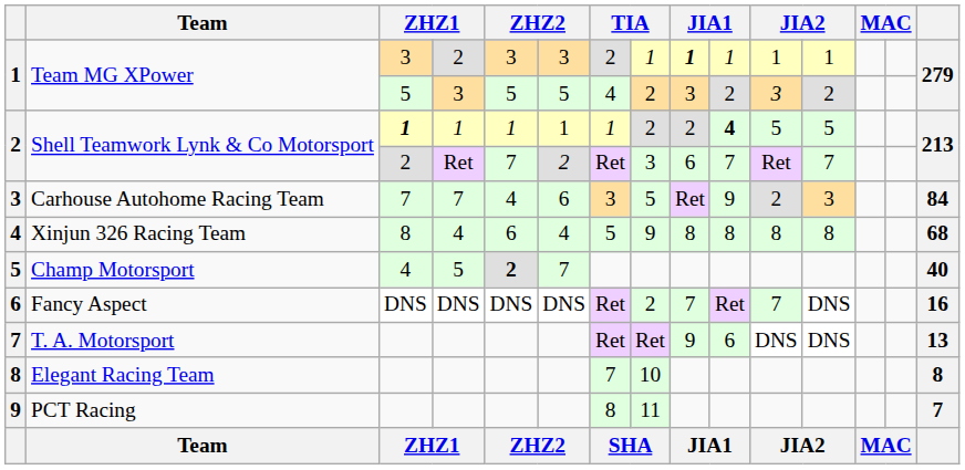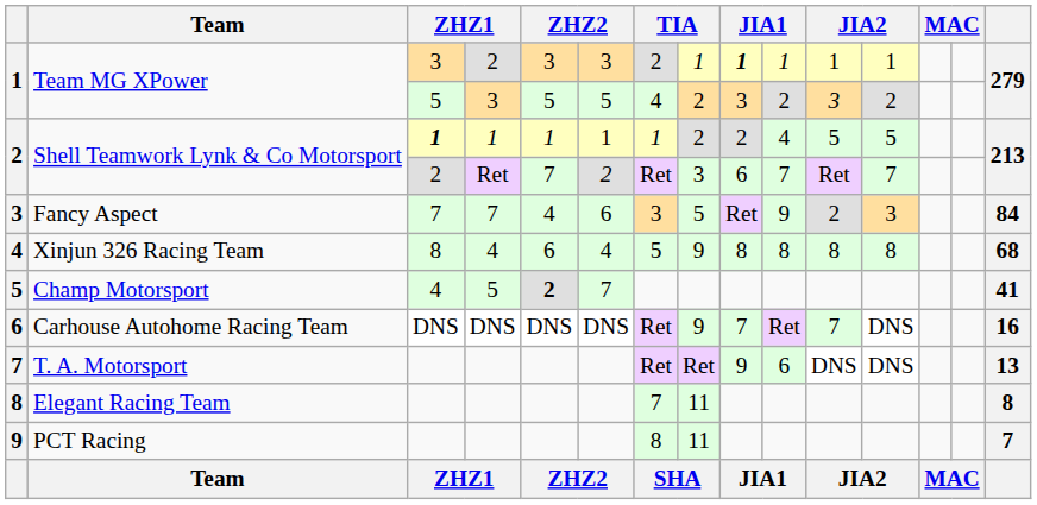 <table align=left| class="wikitable" style="font-size: 85%; text-align: center">
 <tr valign="top">
 <th valign=middle></th>
 <th valign=middle>Team</th>
 <th colspan=2><a href='#'>ZHZ1</a><br></th>
 <th colspan=2><a href='#'>ZHZ2</a><br></th>
 <th colspan=2><a href='#'>TIA</a><br></th>
 <th colspan=2><a href='#'>JIA1</a><br></th>
 <th colspan=2><a href='#'>JIA2</a><br></th>
 <th colspan=2><a href='#'>MAC</a><br></th>
 <th valign=middle> </th>
 </tr>
 <tr>
 <th rowspan="2">1</th>
 <td align="left" rowspan="2"> <a href='#'>Team MG XPower</a></td>
 <td style="background:#ffdf9f;">3</td>
 <td style="background:#dfdfdf;">2</td>
 <td style="background:#ffdf9f;">3</td>
 <td style="background:#ffdf9f;">3</td>
 <td style="background:#dfdfdf;">2</td>
 <td style="background:#ffffbf;"><em>1</em></td>
 <td style="background:#ffffbf;"><strong><em>1</em></strong></td>
 <td style="background:#ffffbf;"><em>1</em></td>
 <td style="background:#ffffbf;">1</td>
 <td style="background:#ffffbf;">1</td>
 <td></td>
 <td></td>
 <th rowspan="2">279</th>
 </tr>
 <tr>
 <td style="background:#dfffdf;">5</td>
 <td style="background:#ffdf9f;">3</td>
 <td style="background:#dfffdf;">5</td>
 <td style="background:#dfffdf;">5</td>
 <td style="background:#dfffdf;">4</td>
 <td style="background:#ffdf9f;">2</td>
 <td style="background:#ffdf9f;">3</td>
 <td style="background:#dfdfdf;">2</td>
 <td style="background:#ffdf9f;"><em>3</em></td>
 <td style="background:#dfdfdf;">2</td>
 <td></td>
 <td></td>
 </tr>
 <tr>
 <th rowspan="2">2</th>
 <td align="left" rowspan="2"> <a href='#'>Shell Teamwork Lynk & Co Motorsport</a></td>
 <td style="background:#ffffbf;"><strong><em>1</em></strong></td>
 <td style="background:#ffffbf;"><em>1</em></td>
 <td style="background:#ffffbf;"><em>1</em></td>
 <td style="background:#ffffbf;">1</td>
 <td style="background:#ffffbf;"><em>1</em></td>
 <td style="background:#dfdfdf;">2</td>
 <td style="background:#dfdfdf;">2</td>
-<td style="background:#dfffdf;"><strong>4</strong></td>
+<td style="background:#dfffdf;">4</td>
 <td style="background:#dfffdf;">5</td>
 <td style="background:#dfffdf;">5</td>
 <td></td>
 <td></td>
 <th rowspan="2">213</th>
 </tr>
 <tr>
 <td style="background:#dfdfdf;">2</td>
 <td style="background:#efcfff;">Ret</td>
 <td style="background:#dfffdf;">7</td>
 <td style="background:#dfdfdf;"><em>2</em></td>
 <td style="background:#efcfff;">Ret</td>
 <td style="background:#dfffdf;">3</td>
 <td style="background:#dfffdf;">6</td>
 <td style="background:#dfffdf;">7</td>
 <td style="background:#efcfff;">Ret</td>
 <td style="background:#dfffdf;">7</td>
 <td></td>
 <td></td>
 </tr>
 <tr>
 <th>3</th>
-<td align="left"> Carhouse Autohome Racing Team</td>
+<td align="left"> Fancy Aspect</td>
 <td style="background:#dfffdf;">7</td>
 <td style="background:#dfffdf;">7</td>
 <td style="background:#dfffdf;">4</td>
 <td style="background:#dfffdf;">6</td>
 <td style="background:#ffdf9f;">3</td>
 <td style="background:#dfffdf;">5</td>
 <td style="background:#efcfff;">Ret</td>
 <td style="background:#dfffdf;">9</td>
 <td style="background:#dfdfdf;">2</td>
 <td style="background:#ffdf9f;">3</td>
 <td></td>
 <td></td>
 <th>84</th>
 </tr>
 <tr>
 <th>4</th>
 <td align="left"> Xinjun 326 Racing Team</td>
 <td style="background:#dfffdf;">8</td>
 <td style="background:#dfffdf;">4</td>
 <td style="background:#dfffdf;">6</td>
 <td style="background:#dfffdf;">4</td>
 <td style="background:#dfffdf;">5</td>
 <td style="background:#dfffdf;">9</td>
 <td style="background:#dfffdf;">8</td>
 <td style="background:#dfffdf;">8</td>
 <td style="background:#dfffdf;">8</td>
 <td style="background:#dfffdf;">8</td>
 <td></td>
 <td></td>
 <th>68</th>
 </tr>
 <tr>
 <th>5</th>
 <td align="left"> <a href='#'>Champ Motorsport</a></td>
 <td style="background:#dfffdf;">4</td>
 <td style="background:#dfffdf;">5</td>
 <td style="background:#dfdfdf;"><strong>2</strong></td>
 <td style="background:#dfffdf;">7</td>
 <td></td>
 <td></td>
 <td></td>
 <td></td>
 <td></td>
 <td></td>
 <td></td>
 <td></td>
-<th>40</th>
+<th>41</th>
 </tr>
 <tr>
 <th>6</th>
-<td align="left"> Fancy Aspect</td>
+<td align="left"> Carhouse Autohome Racing Team</td>
 <td style="background:#ffffff;">DNS</td>
 <td style="background:#ffffff;">DNS</td>
 <td style="background:#ffffff;">DNS</td>
 <td style="background:#ffffff;">DNS</td>
 <td style="background:#efcfff;">Ret</td>
-<td style="background:#dfffdf;">2</td>
+<td style="background:#dfffdf;">9</td>
 <td style="background:#dfffdf;">7</td>
 <td style="background:#efcfff;">Ret</td>
 <td style="background:#dfffdf;">7</td>
 <td style="background:#ffffff;">DNS</td>
 <td></td>
 <td></td>
 <th>16</th>
 </tr>
 <tr>
 <th>7</th>
 <td align="left"> <a href='#'>T. A. Motorsport</a></td>
 <td></td>
 <td></td>
 <td></td>
 <td></td>
 <td style="background:#efcfff;">Ret</td>
 <td style="background:#efcfff;">Ret</td>
 <td style="background:#dfffdf;">9</td>
 <td style="background:#dfffdf;">6</td>
 <td style="background:#ffffff;">DNS</td>
 <td style="background:#ffffff;">DNS</td>
 <td></td>
 <td></td>
 <th>13</th>
 </tr>
 <tr>
 <th>8</th>
 <td align="left"> <a href='#'>Elegant Racing Team</a></td>
 <td></td>
 <td></td>
 <td></td>
 <td></td>
 <td style="background:#dfffdf;">7</td>
-<td style="background:#dfffdf;">10</td>
+<td style="background:#dfffdf;">11</td>
 <td></td>
 <td></td>
 <td></td>
 <td></td>
 <td></td>
 <td></td>
 <th>8</th>
 </tr>
 <tr>
 <th>9</th>
 <td align="left"> PCT Racing</td>
 <td></td>
 <td></td>
 <td></td>
 <td></td>
 <td style="background:#dfffdf;">8</td>
 <td style="background:#dfffdf;">11</td>
 <td></td>
 <td></td>
 <td></td>
 <td></td>
 <td></td>
 <td></td>
 <th>7</th>
 </tr>
 <tr>
 <th valign=middle></th>
 <th valign=middle>Team</th>
 <th colspan=2><a href='#'>ZHZ1</a><br></th>
 <th colspan=2><a href='#'>ZHZ2</a><br></th>
 <th colspan=2><a href='#'>SHA</a><br></th>
 <th colspan=2>JIA1<br></th>
 <th colspan=2>JIA2<br></th>
 <th colspan=2><a href='#'>MAC</a><br></th>
 <th valign=middle> </th>
 </tr>
 </table>
